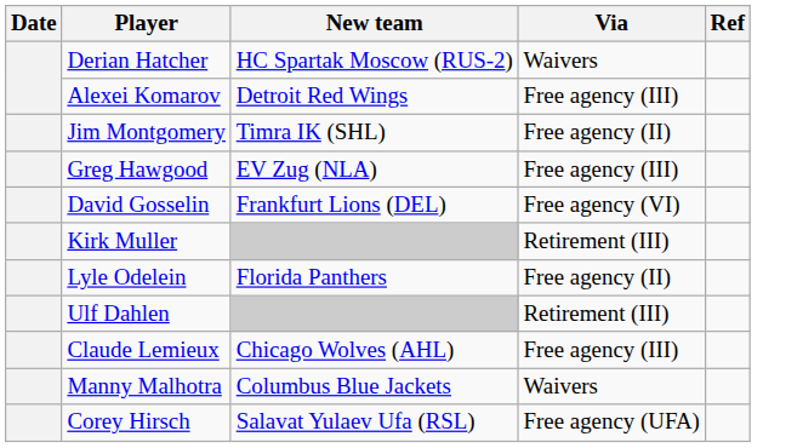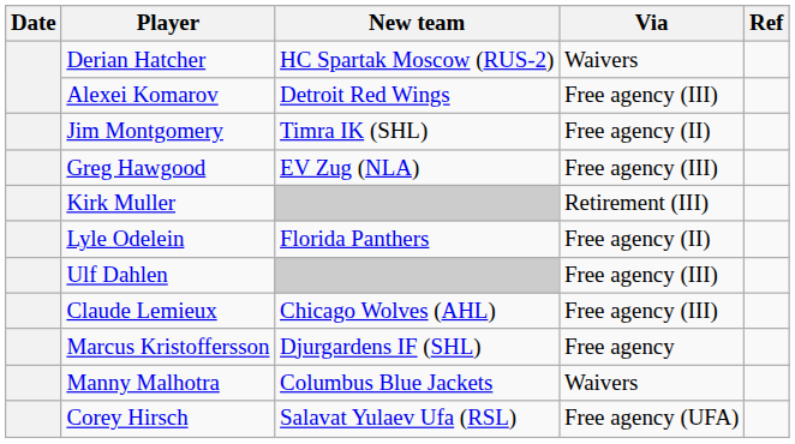 <table class="wikitable plainrowheaders">
 <tr style="background:#ddd; text-align:center;">
 <th>Date</th>
 <th>Player</th>
 <th>New team</th>
 <th>Via</th>
 <th>Ref</th>
 </tr>
 <tr>
 <th scope="row" rowspan=2></th>
 <td><a href='#'>Derian Hatcher</a></td>
 <td><a href='#'>HC Spartak Moscow</a> (<a href='#'>RUS-2</a>)</td>
 <td>Waivers</td>
 <td></td>
 </tr>
 <tr>
 <td><a href='#'>Alexei Komarov</a></td>
 <td><a href='#'>Detroit Red Wings</a></td>
 <td>Free agency (III)</td>
 <td></td>
 </tr>
 <tr>
 <th scope="row"></th>
 <td><a href='#'>Jim Montgomery</a></td>
 <td><a href='#'>Timra IK</a> (SHL)</td>
 <td>Free agency (II)</td>
 <td></td>
 </tr>
 <tr>
 <th scope="row"></th>
 <td><a href='#'>Greg Hawgood</a></td>
 <td><a href='#'>EV Zug</a> (<a href='#'>NLA</a>)</td>
 <td>Free agency (III)</td>
 <td></td>
 </tr>
 <tr>
 <th scope="row"></th>
-<td><a href='#'>David Gosselin</a></td>
-<td><a href='#'>Frankfurt Lions</a> (<a href='#'>DEL</a>)</td>
-<td>Free agency (VI)</td>
-<td></td>
-</tr>
-<tr>
-<th scope="row"></th>
 <td><a href='#'>Kirk Muller</a></td>
 <td style="background:#ccc"></td>
 <td>Retirement (III)</td>
 <td></td>
 </tr>
 <tr>
 <th scope="row"></th>
 <td><a href='#'>Lyle Odelein</a></td>
 <td><a href='#'>Florida Panthers</a></td>
 <td>Free agency (II)</td>
 <td></td>
 </tr>
 <tr>
 <th scope="row"></th>
 <td><a href='#'>Ulf Dahlen</a></td>
 <td style="background:#ccc"></td>
-<td>Retirement (III)</td>
+<td>Free agency (III)</td>
 <td></td>
 </tr>
 <tr>
 <th scope="row"></th>
 <td><a href='#'>Claude Lemieux</a></td>
 <td><a href='#'>Chicago Wolves</a> (<a href='#'>AHL</a>)</td>
 <td>Free agency (III)</td>
+<td></td>
+</tr>
+<tr>
+<th scope="row"></th>
+<td><a href='#'>Marcus Kristoffersson</a></td>
+<td><a href='#'>Djurgardens IF</a> (<a href='#'>SHL</a>)</td>
+<td>Free agency</td>
 <td></td>
 </tr>
 <tr>
 <th scope="row"></th>
 <td><a href='#'>Manny Malhotra</a></td>
 <td><a href='#'>Columbus Blue Jackets</a></td>
 <td>Waivers</td>
 <td></td>
 </tr>
 <tr>
 <th scope="row"></th>
 <td><a href='#'>Corey Hirsch</a></td>
 <td><a href='#'>Salavat Yulaev Ufa</a> (<a href='#'>RSL</a>)</td>
 <td>Free agency (UFA)</td>
 <td></td>
 </tr>
 </table>
